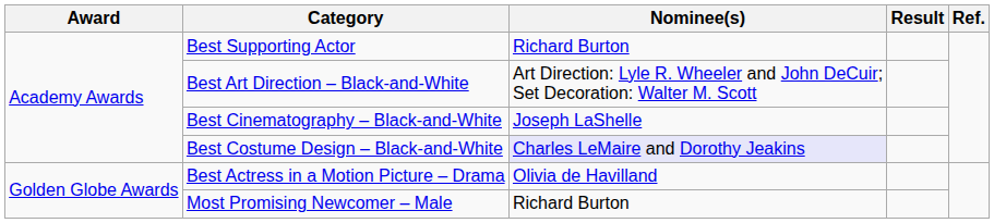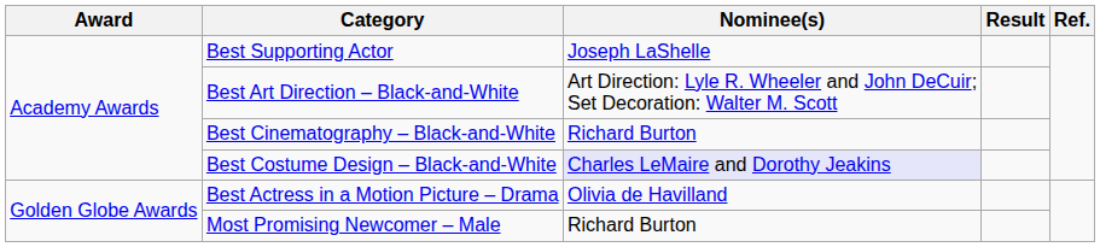 <table class="wikitable plainrowheaders">
 <tr>
 <th>Award</th>
 <th>Category</th>
 <th>Nominee(s)</th>
 <th>Result</th>
 <th>Ref.</th>
 </tr>
 <tr>
 <td rowspan="4"><a href='#'>Academy Awards</a></td>
 <td><a href='#'>Best Supporting Actor</a></td>
-<td><a href='#'>Richard Burton</a></td>
+<td><a href='#'>Joseph LaShelle</a></td>
 <td></td>
 <td align="center" rowspan="4"> <br> </td>
 </tr>
 <tr>
 <td><a href='#'>Best Art Direction – Black-and-White</a></td>
 <td>Art Direction: <a href='#'>Lyle R. Wheeler</a> and <a href='#'>John DeCuir</a>; <br> Set Decoration: <a href='#'>Walter M. Scott</a></td>
 <td></td>
 </tr>
 <tr>
 <td><a href='#'>Best Cinematography – Black-and-White</a></td>
-<td><a href='#'>Joseph LaShelle</a></td>
+<td><a href='#'>Richard Burton</a></td>
 <td></td>
 </tr>
 <tr>
 <td><a href='#'>Best Costume Design – Black-and-White</a></td>
 <td style="background: lavender;"><a href='#'>Charles LeMaire</a> and <a href='#'>Dorothy Jeakins</a></td>
 <td></td>
 </tr>
 <tr>
 <td rowspan="2"><a href='#'>Golden Globe Awards</a></td>
 <td><a href='#'>Best Actress in a Motion Picture – Drama</a></td>
 <td><a href='#'>Olivia de Havilland</a></td>
 <td></td>
 <td align="center" rowspan="2"></td>
 </tr>
 <tr>
 <td><a href='#'>Most Promising Newcomer – Male</a></td>
 <td>Richard Burton</td>
 <td></td>
 </tr>
 </table>
